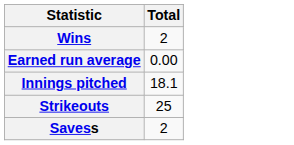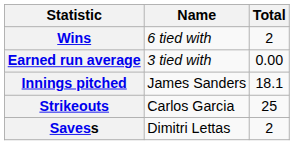 <table class="wikitable plainrowheaders">
 <tr>
 <th scope="col">Statistic</th>
+<th scope="col">Name</th>
 <th scope="col">Total</th>
 </tr>
 <tr>
 <th scope="row"><a href='#'>Wins</a></th>
+<td><em>6 tied with</em></td>
 <td align=center>2</td>
 </tr>
 <tr>
 <th scope="row"><a href='#'>Earned run average</a></th>
+<td><em>3 tied with</em></td>
 <td align=center>0.00</td>
 </tr>
 <tr>
 <th scope="row"><a href='#'>Innings pitched</a></th>
+<td> James Sanders</td>
 <td align=center>18.1</td>
 </tr>
 <tr>
 <th scope="row"><a href='#'>Strikeouts</a></th>
+<td> Carlos Garcia</td>
 <td align=center>25</td>
 </tr>
 <tr>
 <th scope="row"><a href='#'>Saves</a>s</th>
+<td> Dimitri Lettas</td>
 <td align=center>2</td>
 </tr>
 </table>
